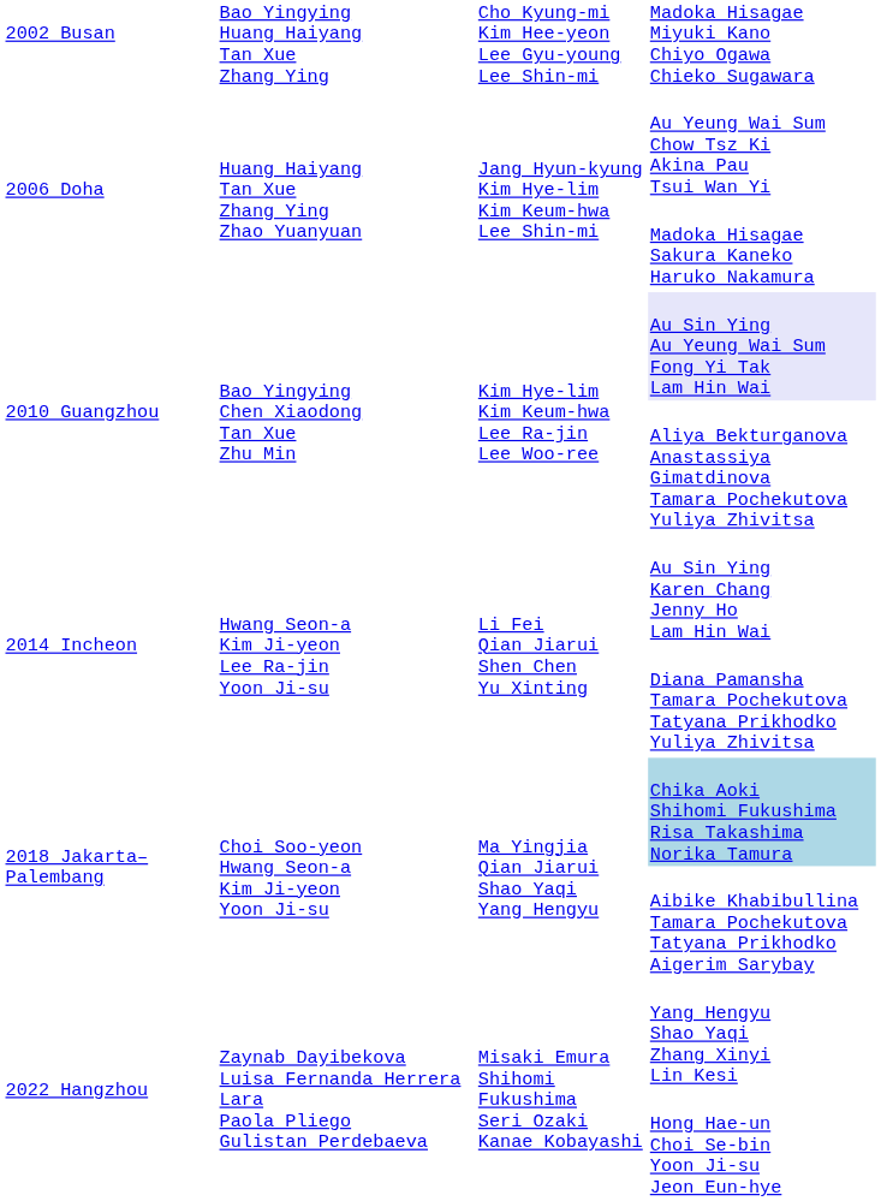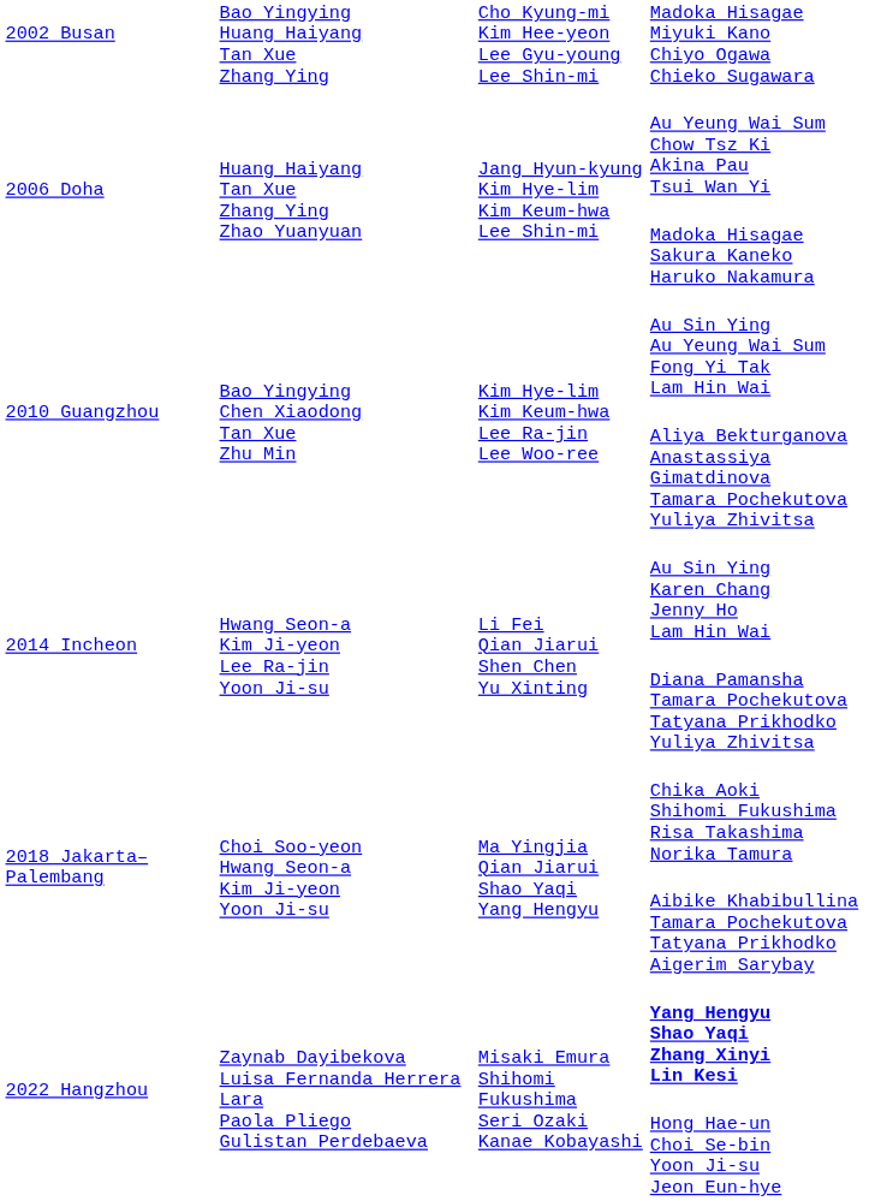 <table>
 <tr>
 <td><a href='#'>2002 Busan</a></td>
 <td><br><a href='#'>Bao Yingying</a><br><a href='#'>Huang Haiyang</a><br><a href='#'>Tan Xue</a><br><a href='#'>Zhang Ying</a></td>
 <td><br><a href='#'>Cho Kyung-mi</a><br><a href='#'>Kim Hee-yeon</a><br><a href='#'>Lee Gyu-young</a><br><a href='#'>Lee Shin-mi</a></td>
 <td><br><a href='#'>Madoka Hisagae</a><br><a href='#'>Miyuki Kano</a><br><a href='#'>Chiyo Ogawa</a><br><a href='#'>Chieko Sugawara</a></td>
 </tr>
 <tr>
 <td rowspan=2><a href='#'>2006 Doha</a></td>
 <td rowspan=2><br><a href='#'>Huang Haiyang</a><br><a href='#'>Tan Xue</a><br><a href='#'>Zhang Ying</a><br><a href='#'>Zhao Yuanyuan</a></td>
 <td rowspan=2><br><a href='#'>Jang Hyun-kyung</a><br><a href='#'>Kim Hye-lim</a><br><a href='#'>Kim Keum-hwa</a><br><a href='#'>Lee Shin-mi</a></td>
 <td><br><a href='#'>Au Yeung Wai Sum</a><br><a href='#'>Chow Tsz Ki</a><br><a href='#'>Akina Pau</a><br><a href='#'>Tsui Wan Yi</a></td>
 </tr>
 <tr>
 <td><br><a href='#'>Madoka Hisagae</a><br><a href='#'>Sakura Kaneko</a><br><a href='#'>Haruko Nakamura</a></td>
 </tr>
 <tr>
 <td rowspan=2><a href='#'>2010 Guangzhou</a></td>
 <td rowspan=2><br><a href='#'>Bao Yingying</a><br><a href='#'>Chen Xiaodong</a><br><a href='#'>Tan Xue</a><br><a href='#'>Zhu Min</a></td>
 <td rowspan=2><br><a href='#'>Kim Hye-lim</a><br><a href='#'>Kim Keum-hwa</a><br><a href='#'>Lee Ra-jin</a><br><a href='#'>Lee Woo-ree</a></td>
-<td style="background: lavender;"><br><a href='#'>Au Sin Ying</a><br><a href='#'>Au Yeung Wai Sum</a><br><a href='#'>Fong Yi Tak</a><br><a href='#'>Lam Hin Wai</a></td>
+<td><br><a href='#'>Au Sin Ying</a><br><a href='#'>Au Yeung Wai Sum</a><br><a href='#'>Fong Yi Tak</a><br><a href='#'>Lam Hin Wai</a></td>
 </tr>
 <tr>
 <td><br><a href='#'>Aliya Bekturganova</a><br><a href='#'>Anastassiya Gimatdinova</a><br><a href='#'>Tamara Pochekutova</a><br><a href='#'>Yuliya Zhivitsa</a></td>
 </tr>
 <tr>
 <td rowspan=2><a href='#'>2014 Incheon</a></td>
 <td rowspan=2><br><a href='#'>Hwang Seon-a</a><br><a href='#'>Kim Ji-yeon</a><br><a href='#'>Lee Ra-jin</a><br><a href='#'>Yoon Ji-su</a></td>
 <td rowspan=2><br><a href='#'>Li Fei</a><br><a href='#'>Qian Jiarui</a><br><a href='#'>Shen Chen</a><br><a href='#'>Yu Xinting</a></td>
 <td><br><a href='#'>Au Sin Ying</a><br><a href='#'>Karen Chang</a><br><a href='#'>Jenny Ho</a><br><a href='#'>Lam Hin Wai</a></td>
 </tr>
 <tr>
 <td><br><a href='#'>Diana Pamansha</a><br><a href='#'>Tamara Pochekutova</a><br><a href='#'>Tatyana Prikhodko</a><br><a href='#'>Yuliya Zhivitsa</a></td>
 </tr>
 <tr>
 <td rowspan=2><a href='#'>2018 Jakarta–Palembang</a></td>
 <td rowspan=2><br><a href='#'>Choi Soo-yeon</a><br><a href='#'>Hwang Seon-a</a><br><a href='#'>Kim Ji-yeon</a><br><a href='#'>Yoon Ji-su</a></td>
 <td rowspan=2><br><a href='#'>Ma Yingjia</a><br><a href='#'>Qian Jiarui</a><br><a href='#'>Shao Yaqi</a><br><a href='#'>Yang Hengyu</a></td>
-<td style="background: lightblue;"><br><a href='#'>Chika Aoki</a><br><a href='#'>Shihomi Fukushima</a><br><a href='#'>Risa Takashima</a><br><a href='#'>Norika Tamura</a></td>
+<td><br><a href='#'>Chika Aoki</a><br><a href='#'>Shihomi Fukushima</a><br><a href='#'>Risa Takashima</a><br><a href='#'>Norika Tamura</a></td>
 </tr>
 <tr>
 <td><br><a href='#'>Aibike Khabibullina</a><br><a href='#'>Tamara Pochekutova</a><br><a href='#'>Tatyana Prikhodko</a><br><a href='#'>Aigerim Sarybay</a></td>
 </tr>
 <tr>
 <td rowspan=2><a href='#'>2022 Hangzhou</a></td>
 <td rowspan=2><br><a href='#'>Zaynab Dayibekova</a><br><a href='#'>Luisa Fernanda Herrera Lara</a><br><a href='#'>Paola Pliego</a><br><a href='#'>Gulistan Perdebaeva</a></td>
 <td rowspan=2><br><a href='#'>Misaki Emura</a><br><a href='#'>Shihomi Fukushima</a><br><a href='#'>Seri Ozaki</a><br><a href='#'>Kanae Kobayashi</a></td>
-<td><br><a href='#'>Yang Hengyu</a><br><a href='#'>Shao Yaqi</a><br><a href='#'>Zhang Xinyi</a><br><a href='#'>Lin Kesi</a></td>
+<td><strong><br><a href='#'>Yang Hengyu</a><br><a href='#'>Shao Yaqi</a><br><a href='#'>Zhang Xinyi</a><br><a href='#'>Lin Kesi</a></strong></td>
 </tr>
 <tr>
 <td><br><a href='#'>Hong Hae-un</a><br><a href='#'>Choi Se-bin</a><br><a href='#'>Yoon Ji-su</a><br><a href='#'>Jeon Eun-hye</a></td>
 </tr>
 </table>
